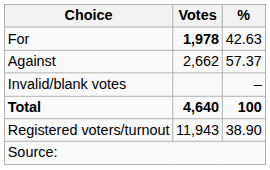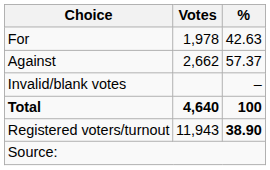 <table class=wikitable style="text-align:right">
 <tr>
 <th>Choice</th>
 <th>Votes</th>
 <th>%</th>
 </tr>
 <tr>
 <td align=left>For</td>
-<td><strong>1,978</strong></td>
+<td>1,978</td>
 <td>42.63</td>
 </tr>
 <tr>
 <td align=left>Against</td>
 <td>2,662</td>
 <td>57.37</td>
 </tr>
 <tr>
 <td align=left>Invalid/blank votes</td>
 <td></td>
 <td>–</td>
 </tr>
 <tr>
 <td align=left><strong>Total</strong></td>
 <td><strong>4,640</strong></td>
 <td><strong>100</strong></td>
 </tr>
 <tr>
 <td align=left>Registered voters/turnout</td>
 <td>11,943</td>
-<td>38.90</td>
+<td><strong>38.90</strong></td>
 </tr>
 <tr>
 <td align=left colspan=3>Source: </td>
 </tr>
 </table>
